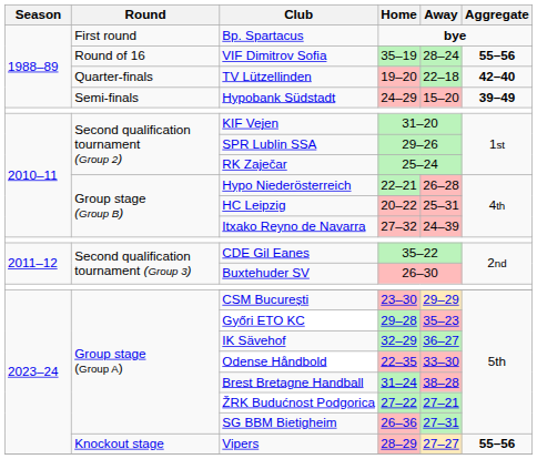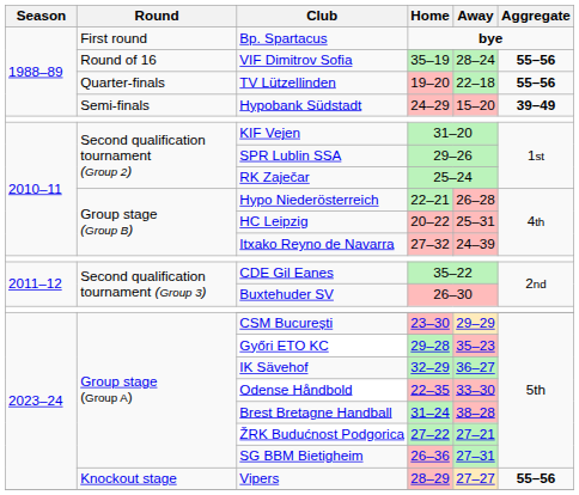 <table class="wikitable">
 <tr>
 <th width=75>Season</th>
 <th width=175>Round</th>
 <th>Club</th>
 <th>Home</th>
 <th>Away</th>
 <th>Aggregate</th>
 </tr>
 <tr>
 <td rowspan=4><a href='#'>1988–89</a></td>
 <td>First round</td>
 <td> <a href='#'>Bp. Spartacus</a></td>
 <td colspan=3; style="text-align:center;"><strong>bye</strong></td>
 </tr>
 <tr>
 <td>Round of 16</td>
 <td> <a href='#'>VIF Dimitrov Sofia</a></td>
 <td style="text-align:center; background:#BBF3BB;">35–19</td>
 <td style="text-align:center; background:#BBF3BB;">28–24</td>
 <td style="text-align:center;"><strong>55–56</strong></td>
 </tr>
 <tr>
 <td>Quarter-finals</td>
 <td> <a href='#'>TV Lützellinden</a></td>
 <td style="text-align:center; background:#FFBBBB;">19–20</td>
 <td style="text-align:center; background:#BBF3BB;">22–18</td>
-<td style="text-align:center;"><strong>42–40</strong></td>
+<td style="text-align:center;"><strong>55–56</strong></td>
 </tr>
 <tr>
 <td>Semi-finals</td>
 <td> <a href='#'>Hypobank Südstadt</a></td>
 <td style="text-align:center; background:#FFBBBB;">24–29</td>
 <td style="text-align:center; background:#FFBBBB;">15–20</td>
 <td style="text-align:center;"><strong>39–49</strong></td>
 </tr>
 <tr>
 <td colspan=7 style="text-align: center;" bgcolor=white></td>
 </tr>
 <tr>
 <td rowspan=6><a href='#'>2010–11</a></td>
 <td rowspan=3>Second qualification tournament<br><em>(<small>Group 2</small>)</em></td>
 <td> <a href='#'>KIF Vejen</a></td>
 <td colspan=2; style="text-align:center; background:#BBF3BB;">31–20</td>
 <td align=center rowspan=3>1<small>st</small></td>
 </tr>
 <tr>
 <td> <a href='#'>SPR Lublin SSA</a></td>
 <td colspan=2; style="text-align:center; background:#BBF3BB;">29–26</td>
 </tr>
 <tr>
 <td> <a href='#'>RK Zaječar</a></td>
 <td colspan=2; style="text-align:center; background:#BBF3BB;">25–24</td>
 </tr>
 <tr>
 <td rowspan=3>Group stage<br><em>(<small>Group B</small>)</em></td>
 <td> <a href='#'>Hypo Niederösterreich</a></td>
 <td style="text-align:center; background:#BBF3BB;">22–21</td>
 <td style="text-align:center; background:#FFBBBB;">26–28</td>
 <td align=center rowspan=3>4<small>th</small></td>
 </tr>
 <tr>
 <td> <a href='#'>HC Leipzig</a></td>
 <td style="text-align:center; background:#FFBBBB;">20–22</td>
 <td style="text-align:center; background:#FFBBBB;">25–31</td>
 </tr>
 <tr>
 <td> <a href='#'>Itxako Reyno de Navarra</a></td>
 <td style="text-align:center; background:#FFBBBB;">27–32</td>
 <td style="text-align:center; background:#FFBBBB;">24–39</td>
 </tr>
 <tr>
 <td colspan=7 style="text-align: center;" bgcolor=white></td>
 </tr>
 <tr>
 <td rowspan=2><a href='#'>2011–12</a></td>
 <td rowspan=2>Second qualification tournament <em>(<small>Group 3</small>)</em></td>
 <td> <a href='#'>CDE Gil Eanes</a></td>
 <td colspan=2; style="text-align:center; background:#BBF3BB;">35–22</td>
 <td align=center rowspan=2>2<small>nd</small> <br></td>
 </tr>
 <tr>
 <td> <a href='#'>Buxtehuder SV</a></td>
 <td colspan=2; style="text-align:center; background:#FFBBBB;">26–30</td>
 </tr>
 <tr>
 <td colspan=7 style="text-align: center;" bgcolor=white></td>
 </tr>
 <tr>
 <td rowspan=9><a href='#'>2023–24</a></td>
 <td rowspan=8><a href='#'>Group stage</a><br>(<small>Group A</small>)</td>
 </tr>
 <tr>
 <td align="left"> <a href='#'>CSM București</a></td>
 <td style="text-align:center; background:#FFBBBB;"><a href='#'>23–30</a></td>
 <td style="text-align:center; background:#FFEBBB;"><a href='#'>29–29</a></td>
 <td align=center rowspan=7>5th</td>
 </tr>
 <tr bgcolor="white">
 <td align="left"> <a href='#'>Győri ETO KC</a></td>
 <td style="text-align:center; background:#BBF3BB;"><a href='#'>29–28</a></td>
 <td style="text-align:center; background:#FFBBBB;"><a href='#'>35–23</a></td>
 </tr>
 <tr>
 <td align="left"> <a href='#'>IK Sävehof</a></td>
 <td style="text-align:center; background:#BBF3BB;"><a href='#'>32–29</a></td>
 <td style="text-align:center; background:#BBF3BB;"><a href='#'>36–27</a></td>
 </tr>
 <tr bgcolor="white">
 <td align="left"> <a href='#'>Odense Håndbold</a></td>
 <td style="text-align:center; background:#FFBBBB;"><a href='#'>22–35</a></td>
 <td style="text-align:center; background:#FFBBBB;"><a href='#'>33–30</a></td>
 </tr>
 <tr>
 <td align="left"> <a href='#'>Brest Bretagne Handball</a></td>
 <td style="text-align:center; background:#BBF3BB;"><a href='#'>31–24</a></td>
 <td style="text-align:center; background:#FFBBBB;"><a href='#'>38–28</a></td>
 </tr>
 <tr bgcolor="white">
 <td align="left"> <a href='#'>ŽRK Budućnost Podgorica</a></td>
 <td style="text-align:center; background:#BBF3BB;"><a href='#'>27–22</a></td>
 <td style="text-align:center; background:#BBF3BB;"><a href='#'>27–21</a></td>
 </tr>
 <tr>
 <td align="left"> <a href='#'>SG BBM Bietigheim</a></td>
 <td style="text-align:center; background:#FFBBBB;"><a href='#'>26–36</a></td>
 <td style="text-align:center; background:#BBF3BB;"><a href='#'>27–31</a></td>
 </tr>
 <tr>
 <td><a href='#'>Knockout stage</a></td>
 <td> <a href='#'>Vipers</a></td>
 <td style="text-align:center; background:#FFBBBB;"><a href='#'>28–29</a></td>
 <td style="text-align:center; background:#FFEBBB;"><a href='#'>27–27</a></td>
 <td style="text-align:center;"><strong>55–56</strong></td>
 </tr>
 <tr>
 </tr>
 </table>
